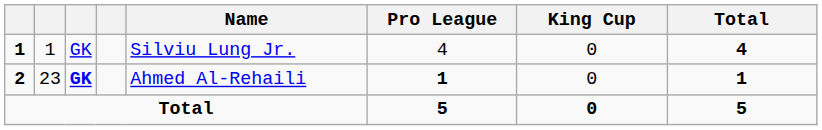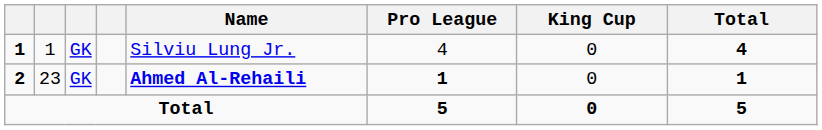 <table class="wikitable" style="text-align:center">
 <tr>
 <th width=15></th>
 <th width=15></th>
 <th width=15></th>
 <th width=15></th>
 <th width=165>Name</th>
 <th width=100>Pro League</th>
 <th width=100>King Cup</th>
 <th width=100>Total</th>
 </tr>
 <tr>
 <td><strong>1</strong></td>
 <td>1</td>
 <td><a href='#'>GK</a></td>
 <td></td>
 <td align=left><a href='#'>Silviu Lung Jr.</a></td>
 <td>4</td>
 <td>0</td>
 <td><strong>4</strong></td>
 </tr>
 <tr>
 <td><strong>2</strong></td>
 <td>23</td>
-<td><strong><a href='#'>GK</a></strong></td>
+<td><a href='#'>GK</a></td>
 <td></td>
-<td align=left><a href='#'>Ahmed Al-Rehaili</a></td>
+<td align=left><strong><a href='#'>Ahmed Al-Rehaili</a></strong></td>
 <td><strong>1</strong></td>
 <td>0</td>
 <td><strong>1</strong></td>
 </tr>
 <tr>
 <td colspan=5><strong>Total</strong></td>
 <td><strong>5</strong></td>
 <td><strong>0</strong></td>
 <td><strong>5</strong></td>
 </tr>
 </table>
